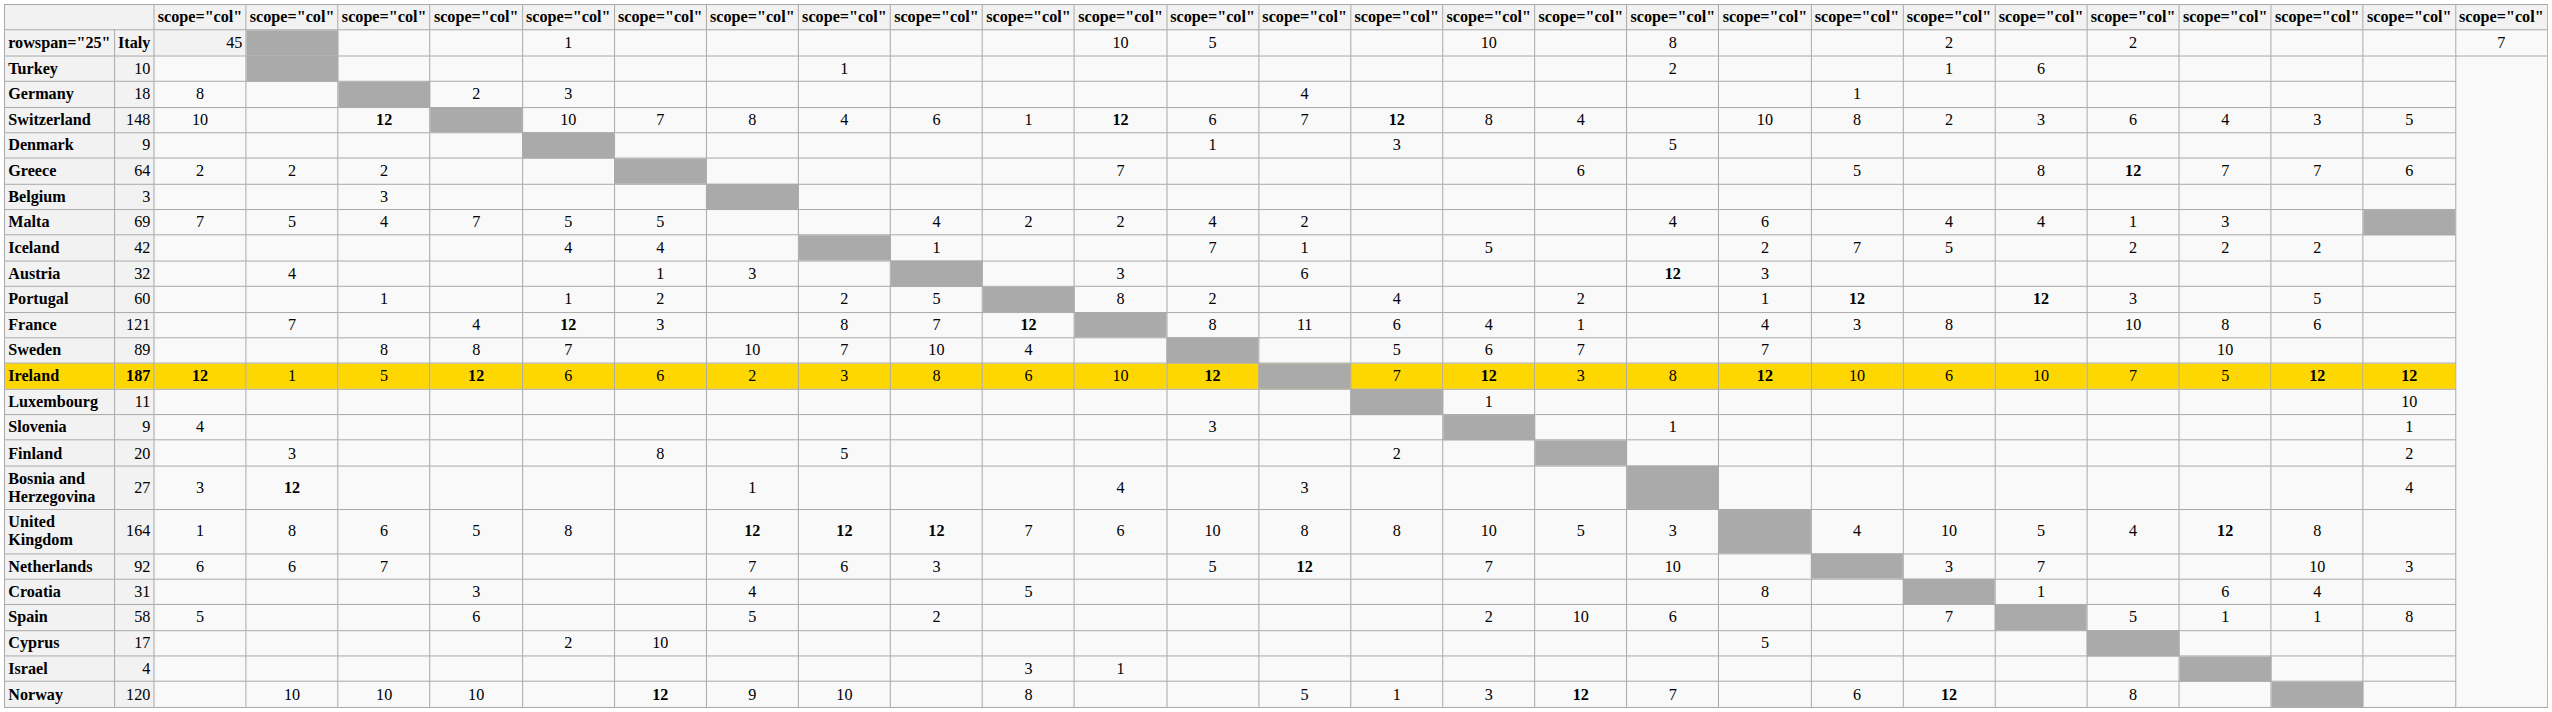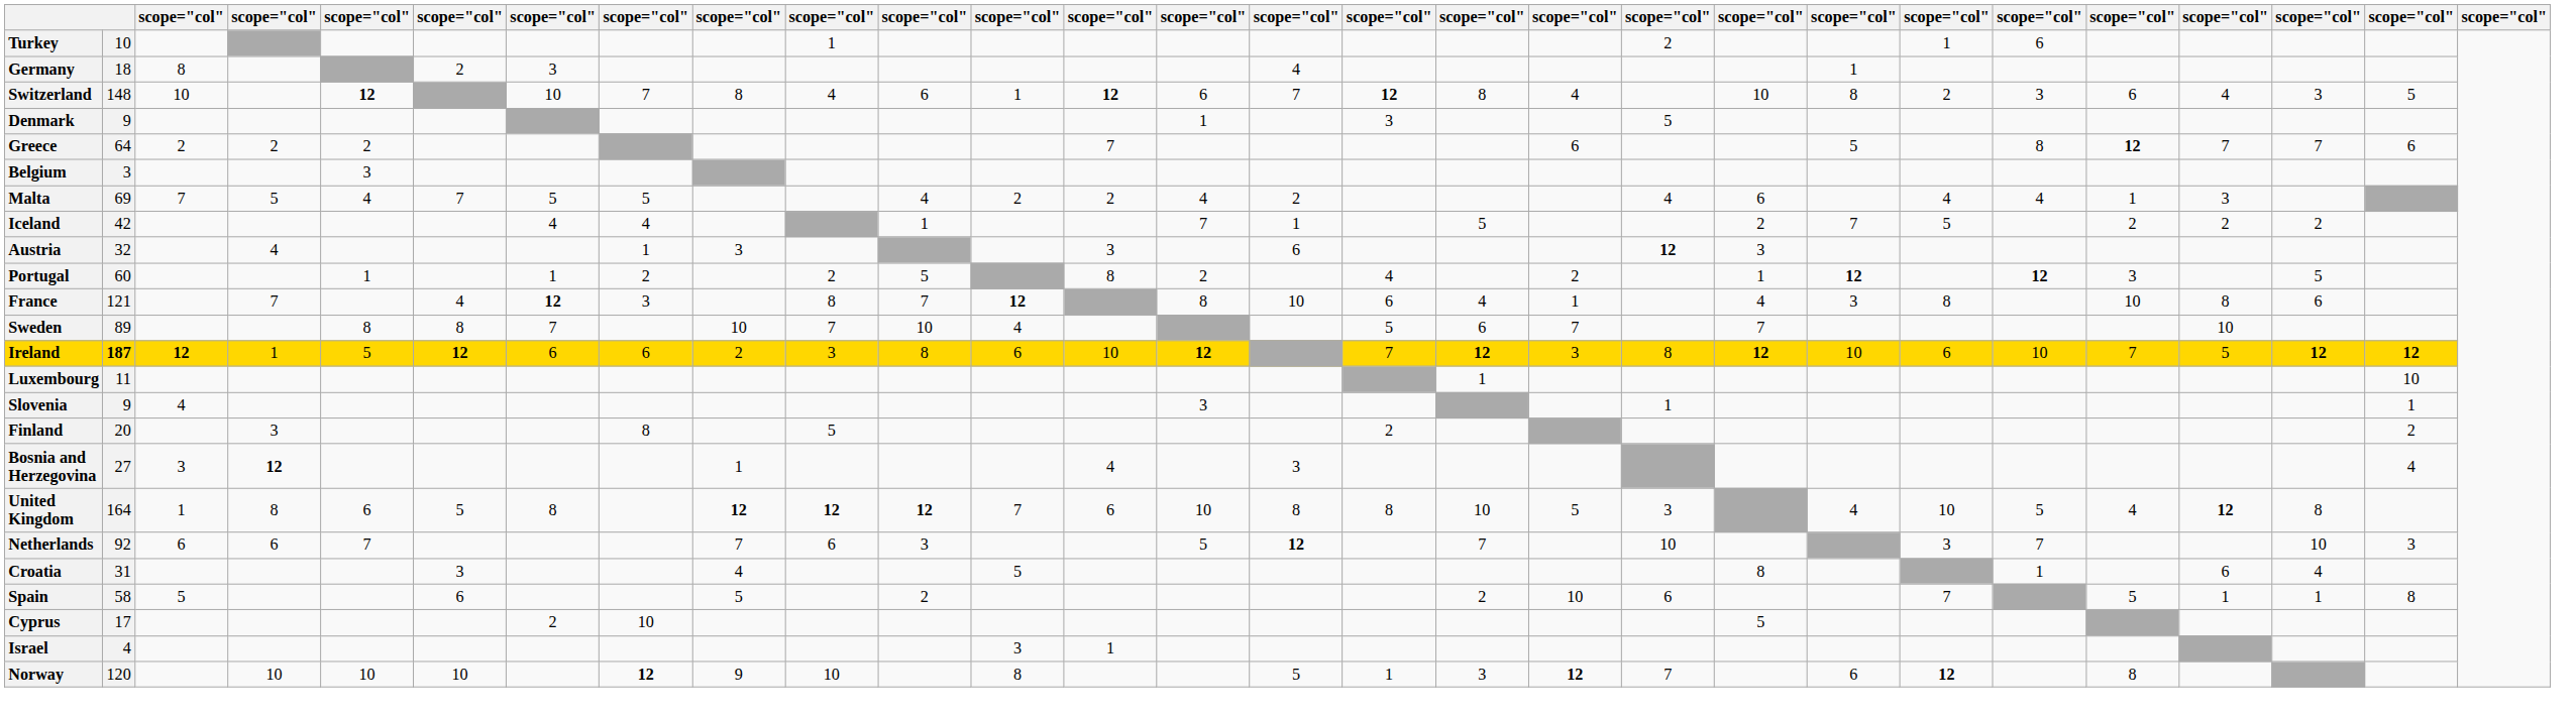 <table class="wikitable plainrowheaders" style="text-align:center;">
 <tr>
 </tr>
 <tr>
 <th colspan="2"></th>
 <th>scope="col" </th>
 <th>scope="col" </th>
 <th>scope="col" </th>
 <th>scope="col" </th>
 <th>scope="col" </th>
 <th>scope="col" </th>
 <th>scope="col" </th>
 <th>scope="col" </th>
 <th>scope="col" </th>
 <th>scope="col" </th>
 <th>scope="col" </th>
 <th>scope="col" </th>
 <th>scope="col" </th>
 <th>scope="col" </th>
 <th>scope="col" </th>
 <th>scope="col" </th>
 <th>scope="col" </th>
 <th>scope="col" </th>
 <th>scope="col" </th>
 <th>scope="col" </th>
 <th>scope="col" </th>
 <th>scope="col" </th>
 <th>scope="col" </th>
 <th>scope="col" </th>
 <th>scope="col" </th>
 <th>scope="col" </th>
-</tr>
-<tr>
-<th>rowspan="25" </th>
-<th scope="row" style="text-align:left; background:#f2f2f2;">Italy</th>
-<td style="text-align:right; background:#f2f2f2;">45</td>
-<td style="text-align:left; background:#aaa;"></td>
-<td></td>
-<td></td>
-<td>1</td>
-<td></td>
-<td></td>
-<td></td>
-<td></td>
-<td></td>
-<td>10</td>
-<td>5</td>
-<td></td>
-<td></td>
-<td>10</td>
-<td></td>
-<td>8</td>
-<td></td>
-<td></td>
-<td>2</td>
-<td></td>
-<td>2</td>
-<td></td>
-<td></td>
-<td></td>
-<td>7</td>
 </tr>
 <tr>
 <th scope="row" style="text-align:left; background:#f2f2f2;">Turkey</th>
 <td style="text-align:right; background:#f2f2f2;">10</td>
 <td></td>
 <td style="text-align:left; background:#aaa;"></td>
 <td></td>
 <td></td>
 <td></td>
 <td></td>
 <td></td>
 <td>1</td>
 <td></td>
 <td></td>
 <td></td>
 <td></td>
 <td></td>
 <td></td>
 <td></td>
 <td></td>
 <td>2</td>
 <td></td>
 <td></td>
 <td>1</td>
 <td>6</td>
 <td></td>
 <td></td>
 <td></td>
 <td></td>
 </tr>
 <tr>
 <th scope="row" style="text-align:left; background:#f2f2f2;">Germany</th>
 <td style="text-align:right; background:#f2f2f2;">18</td>
 <td>8</td>
 <td></td>
 <td style="text-align:left; background:#aaa;"></td>
 <td>2</td>
 <td>3</td>
 <td></td>
 <td></td>
 <td></td>
 <td></td>
 <td></td>
 <td></td>
 <td></td>
 <td>4</td>
 <td></td>
 <td></td>
 <td></td>
 <td></td>
 <td></td>
 <td>1</td>
 <td></td>
 <td></td>
 <td></td>
 <td></td>
 <td></td>
 <td></td>
 </tr>
 <tr>
 <th scope="row" style="text-align:left; background:#f2f2f2;">Switzerland</th>
 <td style="text-align:right; background:#f2f2f2;">148</td>
 <td>10</td>
 <td></td>
 <td><strong>12</strong></td>
 <td style="text-align:left; background:#aaa;"></td>
 <td>10</td>
 <td>7</td>
 <td>8</td>
 <td>4</td>
 <td>6</td>
 <td>1</td>
 <td><strong>12</strong></td>
 <td>6</td>
 <td>7</td>
 <td><strong>12</strong></td>
 <td>8</td>
 <td>4</td>
 <td></td>
 <td>10</td>
 <td>8</td>
 <td>2</td>
 <td>3</td>
 <td>6</td>
 <td>4</td>
 <td>3</td>
 <td>5</td>
 </tr>
 <tr>
 <th scope="row" style="text-align:left; background:#f2f2f2;">Denmark</th>
 <td style="text-align:right; background:#f2f2f2;">9</td>
 <td></td>
 <td></td>
 <td></td>
 <td></td>
 <td style="text-align:left; background:#aaa;"></td>
 <td></td>
 <td></td>
 <td></td>
 <td></td>
 <td></td>
 <td></td>
 <td>1</td>
 <td></td>
 <td>3</td>
 <td></td>
 <td></td>
 <td>5</td>
 <td></td>
 <td></td>
 <td></td>
 <td></td>
 <td></td>
 <td></td>
 <td></td>
 <td></td>
 </tr>
 <tr>
 <th scope="row" style="text-align:left; background:#f2f2f2;">Greece</th>
 <td style="text-align:right; background:#f2f2f2;">64</td>
 <td>2</td>
 <td>2</td>
 <td>2</td>
 <td></td>
 <td></td>
 <td style="text-align:left; background:#aaa;"></td>
 <td></td>
 <td></td>
 <td></td>
 <td></td>
 <td>7</td>
 <td></td>
 <td></td>
 <td></td>
 <td></td>
 <td>6</td>
 <td></td>
 <td></td>
 <td>5</td>
 <td></td>
 <td>8</td>
 <td><strong>12</strong></td>
 <td>7</td>
 <td>7</td>
 <td>6</td>
 </tr>
 <tr>
 <th scope="row" style="text-align:left; background:#f2f2f2;">Belgium</th>
 <td style="text-align:right; background:#f2f2f2;">3</td>
 <td></td>
 <td></td>
 <td>3</td>
 <td></td>
 <td></td>
 <td></td>
 <td style="text-align:left; background:#aaa;"></td>
 <td></td>
 <td></td>
 <td></td>
 <td></td>
 <td></td>
 <td></td>
 <td></td>
 <td></td>
 <td></td>
 <td></td>
 <td></td>
 <td></td>
 <td></td>
 <td></td>
 <td></td>
 <td></td>
 <td></td>
 <td></td>
 </tr>
 <tr>
 <th scope="row" style="text-align:left; background:#f2f2f2;">Malta</th>
 <td style="text-align:right; background:#f2f2f2;">69</td>
 <td>7</td>
 <td>5</td>
 <td>4</td>
 <td>7</td>
 <td>5</td>
 <td>5</td>
 <td></td>
 <td></td>
 <td>4</td>
 <td>2</td>
 <td>2</td>
 <td>4</td>
 <td>2</td>
 <td></td>
 <td></td>
 <td></td>
 <td>4</td>
 <td>6</td>
 <td></td>
 <td>4</td>
 <td>4</td>
 <td>1</td>
 <td>3</td>
 <td></td>
 <td style="text-align:left; background:#aaa;"></td>
 </tr>
 <tr>
 <th scope="row" style="text-align:left; background:#f2f2f2;">Iceland</th>
 <td style="text-align:right; background:#f2f2f2;">42</td>
 <td></td>
 <td></td>
 <td></td>
 <td></td>
 <td>4</td>
 <td>4</td>
 <td></td>
 <td style="text-align:left; background:#aaa;"></td>
 <td>1</td>
 <td></td>
 <td></td>
 <td>7</td>
 <td>1</td>
 <td></td>
 <td>5</td>
 <td></td>
 <td></td>
 <td>2</td>
 <td>7</td>
 <td>5</td>
 <td></td>
 <td>2</td>
 <td>2</td>
 <td>2</td>
 <td></td>
 </tr>
 <tr>
 <th scope="row" style="text-align:left; background:#f2f2f2;">Austria</th>
 <td style="text-align:right; background:#f2f2f2;">32</td>
 <td></td>
 <td>4</td>
 <td></td>
 <td></td>
 <td></td>
 <td>1</td>
 <td>3</td>
 <td></td>
 <td style="text-align:left; background:#aaa;"></td>
 <td></td>
 <td>3</td>
 <td></td>
 <td>6</td>
 <td></td>
 <td></td>
 <td></td>
 <td><strong>12</strong></td>
 <td>3</td>
 <td></td>
 <td></td>
 <td></td>
 <td></td>
 <td></td>
 <td></td>
 <td></td>
 </tr>
 <tr>
 <th scope="row" style="text-align:left; background:#f2f2f2;">Portugal</th>
 <td style="text-align:right; background:#f2f2f2;">60</td>
 <td></td>
 <td></td>
 <td>1</td>
 <td></td>
 <td>1</td>
 <td>2</td>
 <td></td>
 <td>2</td>
 <td>5</td>
 <td style="text-align:left; background:#aaa;"></td>
 <td>8</td>
 <td>2</td>
 <td></td>
 <td>4</td>
 <td></td>
 <td>2</td>
 <td></td>
 <td>1</td>
 <td><strong>12</strong></td>
 <td></td>
 <td><strong>12</strong></td>
 <td>3</td>
 <td></td>
 <td>5</td>
 <td></td>
 </tr>
 <tr>
 <th scope="row" style="text-align:left; background:#f2f2f2;">France</th>
 <td style="text-align:right; background:#f2f2f2;">121</td>
 <td></td>
 <td>7</td>
 <td></td>
 <td>4</td>
 <td><strong>12</strong></td>
 <td>3</td>
 <td></td>
 <td>8</td>
 <td>7</td>
 <td><strong>12</strong></td>
 <td style="text-align:left; background:#aaa;"></td>
 <td>8</td>
-<td>11</td>
+<td>10</td>
 <td>6</td>
 <td>4</td>
 <td>1</td>
 <td></td>
 <td>4</td>
 <td>3</td>
 <td>8</td>
 <td></td>
 <td>10</td>
 <td>8</td>
 <td>6</td>
 <td></td>
 </tr>
 <tr>
 <th scope="row" style="text-align:left; background:#f2f2f2;">Sweden</th>
 <td style="text-align:right; background:#f2f2f2;">89</td>
 <td></td>
 <td></td>
 <td>8</td>
 <td>8</td>
 <td>7</td>
 <td></td>
 <td>10</td>
 <td>7</td>
 <td>10</td>
 <td>4</td>
 <td></td>
 <td style="text-align:left; background:#aaa;"></td>
 <td></td>
 <td>5</td>
 <td>6</td>
 <td>7</td>
 <td></td>
 <td>7</td>
 <td></td>
 <td></td>
 <td></td>
 <td></td>
 <td>10</td>
 <td></td>
 <td></td>
 </tr>
 <tr style="background:gold;">
 <th scope="row" style="text-align:left; font-weight:bold; background:gold;">Ireland</th>
 <td style="text-align:right; font-weight:bold;">187</td>
 <td><strong>12</strong></td>
 <td>1</td>
 <td>5</td>
 <td><strong>12</strong></td>
 <td>6</td>
 <td>6</td>
 <td>2</td>
 <td>3</td>
 <td>8</td>
 <td>6</td>
 <td>10</td>
 <td><strong>12</strong></td>
 <td style="text-align:left; background:#aaa;"></td>
 <td>7</td>
 <td><strong>12</strong></td>
 <td>3</td>
 <td>8</td>
 <td><strong>12</strong></td>
 <td>10</td>
 <td>6</td>
 <td>10</td>
 <td>7</td>
 <td>5</td>
 <td><strong>12</strong></td>
 <td><strong>12</strong></td>
 </tr>
 <tr>
 <th scope="row" style="text-align:left; background:#f2f2f2;">Luxembourg</th>
 <td style="text-align:right; background:#f2f2f2;">11</td>
 <td></td>
 <td></td>
 <td></td>
 <td></td>
 <td></td>
 <td></td>
 <td></td>
 <td></td>
 <td></td>
 <td></td>
 <td></td>
 <td></td>
 <td></td>
 <td style="text-align:left; background:#aaa;"></td>
 <td>1</td>
 <td></td>
 <td></td>
 <td></td>
 <td></td>
 <td></td>
 <td></td>
 <td></td>
 <td></td>
 <td></td>
 <td>10</td>
 </tr>
 <tr>
 <th scope="row" style="text-align:left; background:#f2f2f2;">Slovenia</th>
 <td style="text-align:right; background:#f2f2f2;">9</td>
 <td>4</td>
 <td></td>
 <td></td>
 <td></td>
 <td></td>
 <td></td>
 <td></td>
 <td></td>
 <td></td>
 <td></td>
 <td></td>
 <td>3</td>
 <td></td>
 <td></td>
 <td style="text-align:left; background:#aaa;"></td>
 <td></td>
 <td>1</td>
 <td></td>
 <td></td>
 <td></td>
 <td></td>
 <td></td>
 <td></td>
 <td></td>
 <td>1</td>
 </tr>
 <tr>
 <th scope="row" style="text-align:left; background:#f2f2f2;">Finland</th>
 <td style="text-align:right; background:#f2f2f2;">20</td>
 <td></td>
 <td>3</td>
 <td></td>
 <td></td>
 <td></td>
 <td>8</td>
 <td></td>
 <td>5</td>
 <td></td>
 <td></td>
 <td></td>
 <td></td>
 <td></td>
 <td>2</td>
 <td></td>
 <td style="text-align:left; background:#aaa;"></td>
 <td></td>
 <td></td>
 <td></td>
 <td></td>
 <td></td>
 <td></td>
 <td></td>
 <td></td>
 <td>2</td>
 </tr>
 <tr>
 <th scope="row" style="text-align:left; background:#f2f2f2;">Bosnia and Herzegovina</th>
 <td style="text-align:right; background:#f2f2f2;">27</td>
 <td>3</td>
 <td><strong>12</strong></td>
 <td></td>
 <td></td>
 <td></td>
 <td></td>
 <td>1</td>
 <td></td>
 <td></td>
 <td></td>
 <td>4</td>
 <td></td>
 <td>3</td>
 <td></td>
 <td></td>
 <td></td>
 <td style="text-align:left; background:#aaa;"></td>
 <td></td>
 <td></td>
 <td></td>
 <td></td>
 <td></td>
 <td></td>
 <td></td>
 <td>4</td>
 </tr>
 <tr>
 <th scope="row" style="text-align:left; background:#f2f2f2;">United Kingdom</th>
 <td style="text-align:right; background:#f2f2f2;">164</td>
 <td>1</td>
 <td>8</td>
 <td>6</td>
 <td>5</td>
 <td>8</td>
 <td></td>
 <td><strong>12</strong></td>
 <td><strong>12</strong></td>
 <td><strong>12</strong></td>
 <td>7</td>
 <td>6</td>
 <td>10</td>
 <td>8</td>
 <td>8</td>
 <td>10</td>
 <td>5</td>
 <td>3</td>
 <td style="text-align:left; background:#aaa;"></td>
 <td>4</td>
 <td>10</td>
 <td>5</td>
 <td>4</td>
 <td><strong>12</strong></td>
 <td>8</td>
 <td></td>
 </tr>
 <tr>
 <th scope="row" style="text-align:left; background:#f2f2f2;">Netherlands</th>
 <td style="text-align:right; background:#f2f2f2;">92</td>
 <td>6</td>
 <td>6</td>
 <td>7</td>
 <td></td>
 <td></td>
 <td></td>
 <td>7</td>
 <td>6</td>
 <td>3</td>
 <td></td>
 <td></td>
 <td>5</td>
 <td><strong>12</strong></td>
 <td></td>
 <td>7</td>
 <td></td>
 <td>10</td>
 <td></td>
 <td style="text-align:left; background:#aaa;"></td>
 <td>3</td>
 <td>7</td>
 <td></td>
 <td></td>
 <td>10</td>
 <td>3</td>
 </tr>
 <tr>
 <th scope="row" style="text-align:left; background:#f2f2f2;">Croatia</th>
 <td style="text-align:right; background:#f2f2f2;">31</td>
 <td></td>
 <td></td>
 <td></td>
 <td>3</td>
 <td></td>
 <td></td>
 <td>4</td>
 <td></td>
 <td></td>
 <td>5</td>
 <td></td>
 <td></td>
 <td></td>
 <td></td>
 <td></td>
 <td></td>
 <td></td>
 <td>8</td>
 <td></td>
 <td style="text-align:left; background:#aaa;"></td>
 <td>1</td>
 <td></td>
 <td>6</td>
 <td>4</td>
 <td></td>
 </tr>
 <tr>
 <th scope="row" style="text-align:left; background:#f2f2f2;">Spain</th>
 <td style="text-align:right; background:#f2f2f2;">58</td>
 <td>5</td>
 <td></td>
 <td></td>
 <td>6</td>
 <td></td>
 <td></td>
 <td>5</td>
 <td></td>
 <td>2</td>
 <td></td>
 <td></td>
 <td></td>
 <td></td>
 <td></td>
 <td>2</td>
 <td>10</td>
 <td>6</td>
 <td></td>
 <td></td>
 <td>7</td>
 <td style="text-align:left; background:#aaa;"></td>
 <td>5</td>
 <td>1</td>
 <td>1</td>
 <td>8</td>
 </tr>
 <tr>
 <th scope="row" style="text-align:left; background:#f2f2f2;">Cyprus</th>
 <td style="text-align:right; background:#f2f2f2;">17</td>
 <td></td>
 <td></td>
 <td></td>
 <td></td>
 <td>2</td>
 <td>10</td>
 <td></td>
 <td></td>
 <td></td>
 <td></td>
 <td></td>
 <td></td>
 <td></td>
 <td></td>
 <td></td>
 <td></td>
 <td></td>
 <td>5</td>
 <td></td>
 <td></td>
 <td></td>
 <td style="text-align:left; background:#aaa;"></td>
 <td></td>
 <td></td>
 <td></td>
 </tr>
 <tr>
 <th scope="row" style="text-align:left; background:#f2f2f2;">Israel</th>
 <td style="text-align:right; background:#f2f2f2;">4</td>
 <td></td>
 <td></td>
 <td></td>
 <td></td>
 <td></td>
 <td></td>
 <td></td>
 <td></td>
 <td></td>
 <td>3</td>
 <td>1</td>
 <td></td>
 <td></td>
 <td></td>
 <td></td>
 <td></td>
 <td></td>
 <td></td>
 <td></td>
 <td></td>
 <td></td>
 <td></td>
 <td style="text-align:left; background:#aaa;"></td>
 <td></td>
 <td></td>
 </tr>
 <tr>
 <th scope="row" style="text-align:left; background:#f2f2f2;">Norway</th>
 <td style="text-align:right; background:#f2f2f2;">120</td>
 <td></td>
 <td>10</td>
 <td>10</td>
 <td>10</td>
 <td></td>
 <td><strong>12</strong></td>
 <td>9</td>
 <td>10</td>
 <td></td>
 <td>8</td>
 <td></td>
 <td></td>
 <td>5</td>
 <td>1</td>
 <td>3</td>
 <td><strong>12</strong></td>
 <td>7</td>
 <td></td>
 <td>6</td>
 <td><strong>12</strong></td>
 <td></td>
 <td>8</td>
 <td></td>
 <td style="text-align:left; background:#aaa;"></td>
 <td></td>
 </tr>
 </table>
